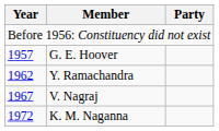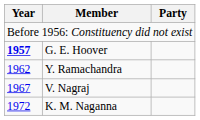 <table class="wikitable sortable">
 <tr>
 <th>Year</th>
 <th>Member</th>
 <th colspan="2">Party</th>
 </tr>
 <tr>
 <td colspan=4>Before 1956: <em>Constituency did not exist</em></td>
 </tr>
 <tr>
-<td><a href='#'>1957</a></td>
+<td><strong><a href='#'>1957</a></strong></td>
 <td>G. E. Hoover</td>
 <td></td>
 </tr>
 <tr>
 <td><a href='#'>1962</a></td>
 <td>Y. Ramachandra</td>
 <td></td>
 </tr>
 <tr>
 <td><a href='#'>1967</a></td>
 <td>V. Nagraj</td>
 <td></td>
 </tr>
 <tr>
 <td><a href='#'>1972</a></td>
 <td>K. M. Naganna</td>
 <td></td>
 </tr>
 </table>
